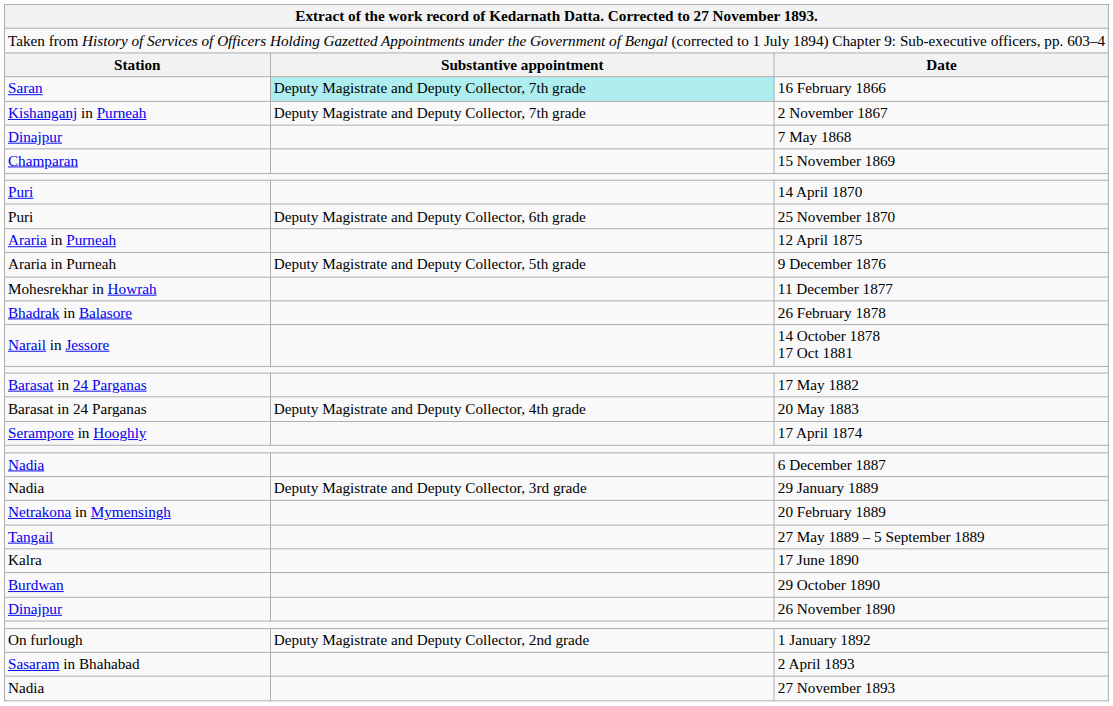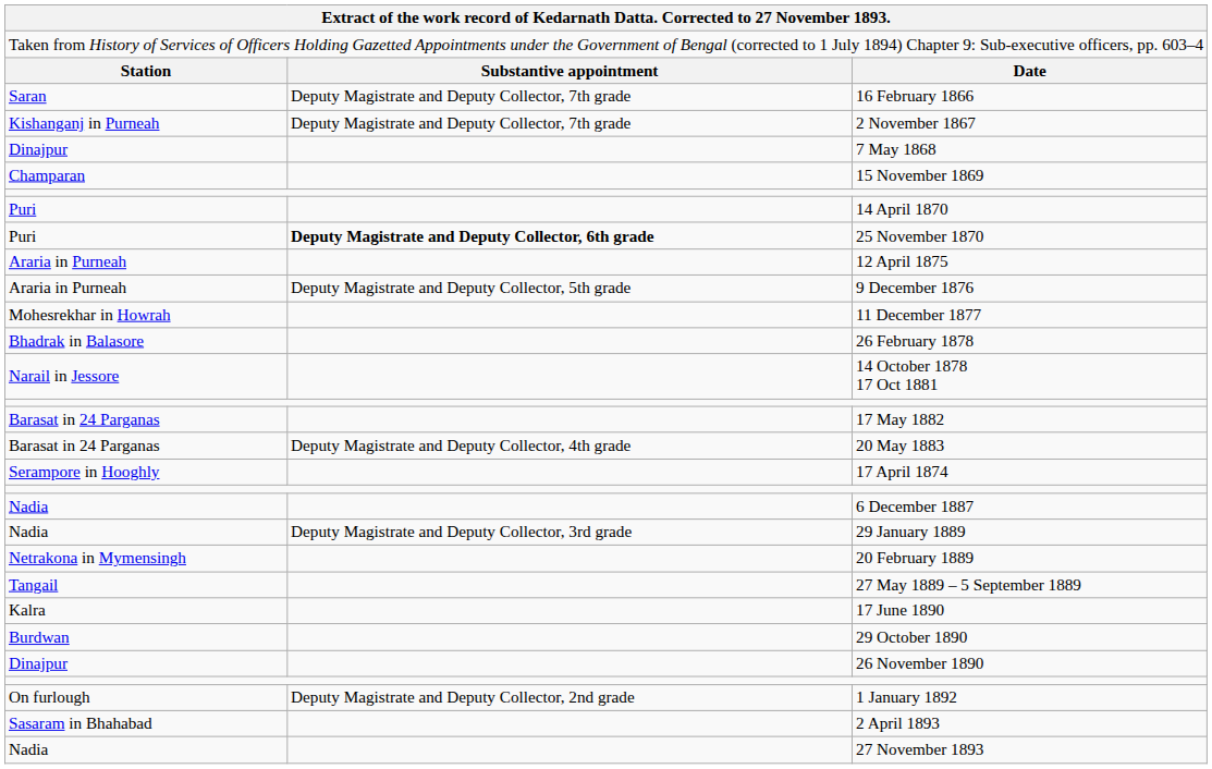 <table class="collapsible collapsed wikitable">
 <tr>
 <th rowspan=1 colspan=3>Extract of the work record of Kedarnath Datta. Corrected to 27 November 1893.</th>
 </tr>
 <tr>
 <td rowspan=1 colspan=3>Taken from <em>History of Services of Officers Holding Gazetted Appointments under the Government of Bengal</em> (corrected to 1 July 1894) Chapter 9: Sub-executive officers, pp. 603–4</td>
 </tr>
 <tr>
 <th><strong>Station</strong></th>
 <th><strong>Substantive appointment</strong></th>
 <th><strong>Date</strong></th>
 </tr>
 <tr>
 <td><a href='#'>Saran</a></td>
-<td style="background: paleturquoise;">Deputy Magistrate and Deputy Collector, 7th grade</td>
+<td>Deputy Magistrate and Deputy Collector, 7th grade</td>
 <td>16 February 1866</td>
 </tr>
 <tr>
 <td><a href='#'>Kishanganj</a> in <a href='#'>Purneah</a></td>
 <td>Deputy Magistrate and Deputy Collector, 7th grade</td>
 <td>2 November 1867</td>
 </tr>
 <tr>
 <td><a href='#'>Dinajpur</a></td>
 <td></td>
 <td>7 May 1868</td>
 </tr>
 <tr>
 <td><a href='#'>Champaran</a></td>
 <td></td>
 <td>15 November 1869</td>
 </tr>
 <tr>
 <td rowspan=1 colspan=3></td>
 </tr>
 <tr>
 <td><a href='#'>Puri</a></td>
 <td></td>
 <td>14 April 1870</td>
 </tr>
 <tr>
 <td>Puri</td>
-<td>Deputy Magistrate and Deputy Collector, 6th grade</td>
+<td><strong>Deputy Magistrate and Deputy Collector, 6th grade</strong></td>
 <td>25 November 1870</td>
 </tr>
 <tr>
 <td><a href='#'>Araria</a> in <a href='#'>Purneah</a></td>
 <td></td>
 <td>12 April 1875</td>
 </tr>
 <tr>
 <td>Araria in Purneah</td>
 <td>Deputy Magistrate and Deputy Collector, 5th grade</td>
 <td>9 December 1876</td>
 </tr>
 <tr>
 <td>Mohesrekhar in <a href='#'>Howrah</a></td>
 <td></td>
 <td>11 December 1877</td>
 </tr>
 <tr>
 <td><a href='#'>Bhadrak</a> in <a href='#'>Balasore</a></td>
 <td></td>
 <td>26 February 1878</td>
 </tr>
 <tr>
 <td><a href='#'>Narail</a> in <a href='#'>Jessore</a></td>
 <td></td>
 <td>14 October 1878<br>17 Oct 1881</td>
 </tr>
 <tr>
 <td rowspan=1 colspan=3></td>
 </tr>
 <tr>
 <td><a href='#'>Barasat</a> in <a href='#'>24 Parganas</a></td>
 <td></td>
 <td>17 May 1882</td>
 </tr>
 <tr>
 <td>Barasat in 24 Parganas</td>
 <td>Deputy Magistrate and Deputy Collector, 4th grade</td>
 <td>20 May 1883</td>
 </tr>
 <tr>
 <td><a href='#'>Serampore</a> in <a href='#'>Hooghly</a></td>
 <td></td>
 <td>17 April 1874</td>
 </tr>
 <tr>
 <td rowspan=1 colspan=3></td>
 </tr>
 <tr>
 <td><a href='#'>Nadia</a></td>
 <td></td>
 <td>6 December 1887</td>
 </tr>
 <tr>
 <td>Nadia</td>
 <td>Deputy Magistrate and Deputy Collector, 3rd grade</td>
 <td>29 January 1889</td>
 </tr>
 <tr>
 <td><a href='#'>Netrakona</a> in <a href='#'>Mymensingh</a></td>
 <td></td>
 <td>20 February 1889</td>
 </tr>
 <tr>
 <td><a href='#'>Tangail</a></td>
 <td></td>
 <td>27 May 1889 – 5 September 1889</td>
 </tr>
 <tr>
 <td>Kalra</td>
 <td></td>
 <td>17 June 1890</td>
 </tr>
 <tr>
 <td><a href='#'>Burdwan</a></td>
 <td></td>
 <td>29 October 1890</td>
 </tr>
 <tr>
 <td><a href='#'>Dinajpur</a></td>
 <td></td>
 <td>26 November 1890</td>
 </tr>
 <tr>
 <td rowspan=1 colspan=3></td>
 </tr>
 <tr>
 <td>On furlough</td>
 <td>Deputy Magistrate and Deputy Collector, 2nd grade</td>
 <td>1 January 1892</td>
 </tr>
 <tr>
 <td><a href='#'>Sasaram</a> in Bhahabad</td>
 <td></td>
 <td>2 April 1893</td>
 </tr>
 <tr>
 <td>Nadia</td>
 <td></td>
 <td>27 November 1893</td>
 </tr>
 </table>
